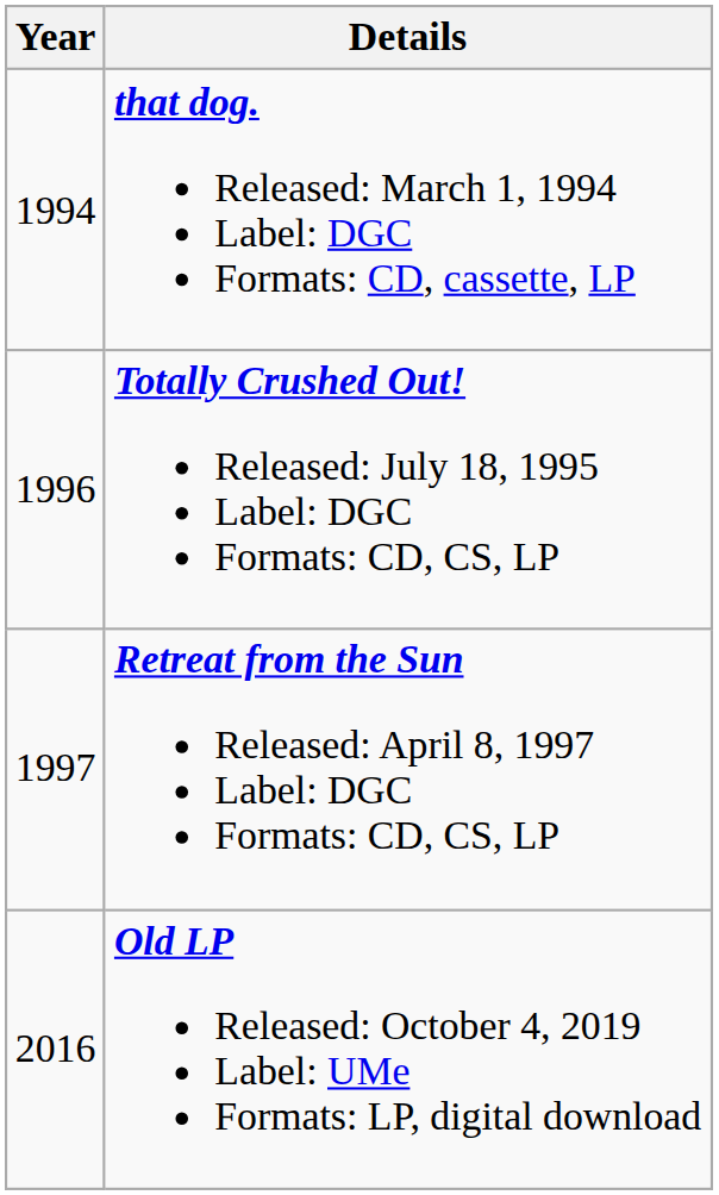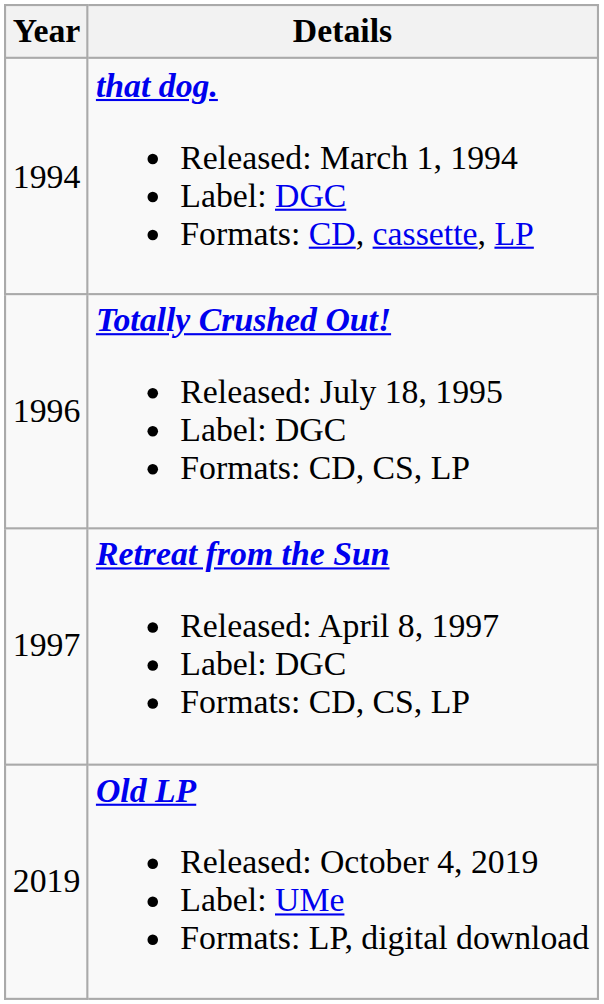 <table class="wikitable">
 <tr>
 <th scope="col">Year</th>
 <th scope="col">Details</th>
 </tr>
 <tr>
 <td>1994</td>
 <td><strong><em><a href='#'>that dog.</a></em></strong><br><ul><li>Released: March 1, 1994</li><li>Label: <a href='#'>DGC</a></li><li>Formats: <a href='#'>CD</a>, <a href='#'>cassette</a>, <a href='#'>LP</a></li></ul></td>
 </tr>
 <tr>
 <td>1996</td>
 <td><strong><em><a href='#'>Totally Crushed Out!</a></em></strong><br><ul><li>Released: July 18, 1995</li><li>Label: DGC</li><li>Formats: CD, CS, LP</li></ul></td>
 </tr>
 <tr>
 <td>1997</td>
 <td><strong><em><a href='#'>Retreat from the Sun</a></em></strong><br><ul><li>Released: April 8, 1997</li><li>Label: DGC</li><li>Formats: CD, CS, LP</li></ul></td>
 </tr>
 <tr>
-<td>2016</td>
+<td>2019</td>
 <td><strong><em><a href='#'>Old LP</a></em></strong><br><ul><li>Released: October 4, 2019</li><li>Label: <a href='#'>UMe</a></li><li>Formats: LP, digital download</li></ul></td>
 </tr>
 </table>
